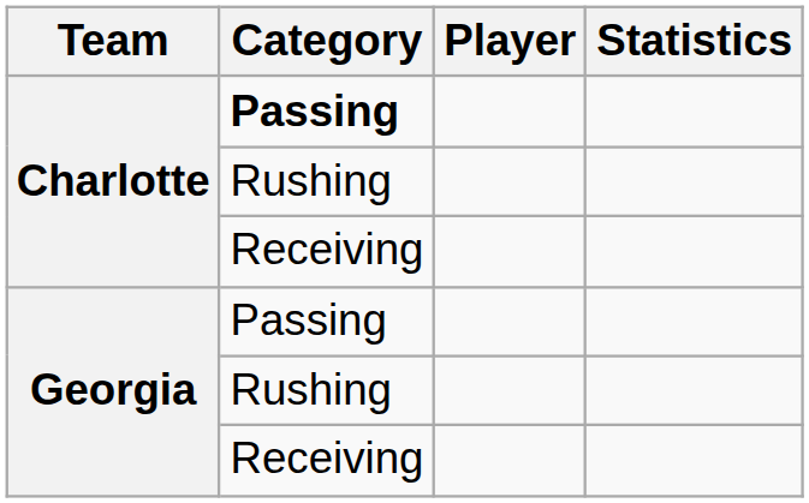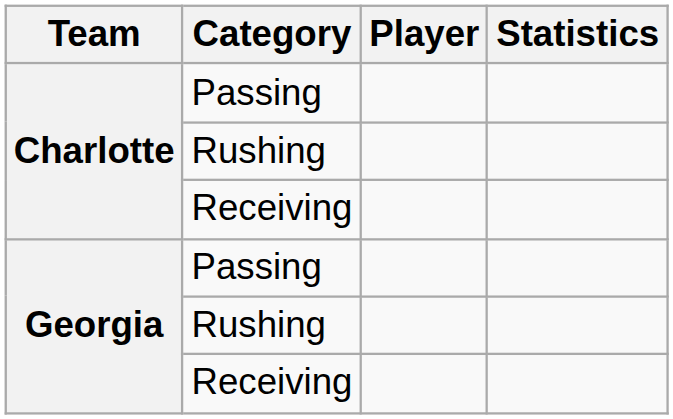 <table class="wikitable" style="float:right">
 <tr>
 <th>Team</th>
 <th>Category</th>
 <th>Player</th>
 <th>Statistics</th>
 </tr>
 <tr>
 <th rowspan=3>Charlotte</th>
-<td><strong>Passing</strong></td>
+<td>Passing</td>
 <td></td>
 <td></td>
 </tr>
 <tr>
 <td>Rushing</td>
 <td></td>
 <td></td>
 </tr>
 <tr>
 <td>Receiving</td>
 <td></td>
 <td></td>
 </tr>
 <tr>
 <th rowspan=3>Georgia</th>
 <td>Passing</td>
 <td></td>
 <td></td>
 </tr>
 <tr>
 <td>Rushing</td>
 <td></td>
 <td></td>
 </tr>
 <tr>
 <td>Receiving</td>
 <td></td>
 <td></td>
 </tr>
 </table>
